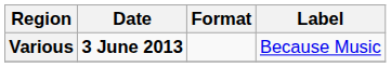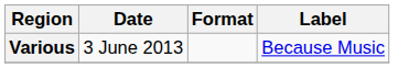 <table class="wikitable plainrowheaders">
 <tr>
 <th scope="col">Region</th>
 <th scope="col">Date</th>
 <th scope="col">Format</th>
 <th scope="col">Label</th>
 </tr>
 <tr>
 <th scope="row">Various</th>
-<td><strong>3 June 2013</strong></td>
+<td>3 June 2013</td>
 <td></td>
 <td><a href='#'>Because Music</a></td>
 </tr>
 <tr>
 </tr>
 </table>
